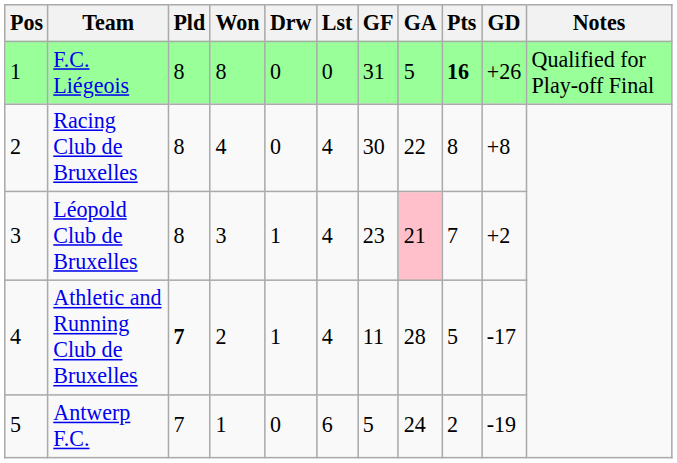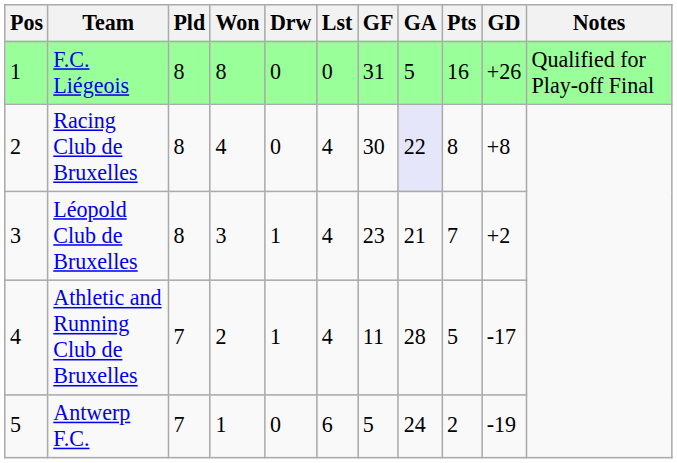 <table class="wikitable" width=70% style="font-size:90%">
 <tr>
 <th width=4%><strong>Pos</strong></th>
 <th width=26%><strong>Team</strong></th>
 <th width=4%><strong>Pld</strong></th>
 <th width=4%><strong>Won</strong></th>
 <th width=4%><strong>Drw</strong></th>
 <th width=4%><strong>Lst</strong></th>
 <th width=4%><strong>GF</strong></th>
 <th width=4%><strong>GA</strong></th>
 <th width=4%><strong>Pts</strong></th>
 <th width=4%><strong>GD</strong></th>
 <th width=38%><strong>Notes</strong></th>
 </tr>
 <tr style="background:#99ff99">
 <td>1</td>
 <td><a href='#'>F.C. Liégeois</a></td>
 <td>8</td>
 <td>8</td>
 <td>0</td>
 <td>0</td>
 <td>31</td>
 <td>5</td>
-<td><strong>16</strong></td>
+<td>16</td>
 <td>+26</td>
 <td>Qualified for Play-off Final</td>
 </tr>
 <tr>
 <td>2</td>
 <td><a href='#'>Racing Club de Bruxelles</a></td>
 <td>8</td>
 <td>4</td>
 <td>0</td>
 <td>4</td>
 <td>30</td>
-<td>22</td>
+<td style="background: lavender;">22</td>
 <td>8</td>
 <td>+8</td>
 </tr>
 <tr>
 <td>3</td>
 <td><a href='#'>Léopold Club de Bruxelles</a></td>
 <td>8</td>
 <td>3</td>
 <td>1</td>
 <td>4</td>
 <td>23</td>
-<td style="background: pink;">21</td>
+<td>21</td>
 <td>7</td>
 <td>+2</td>
 </tr>
 <tr>
 <td>4</td>
 <td><a href='#'>Athletic and Running Club de Bruxelles</a></td>
-<td><strong>7</strong></td>
+<td>7</td>
 <td>2</td>
 <td>1</td>
 <td>4</td>
 <td>11</td>
 <td>28</td>
 <td>5</td>
 <td>-17</td>
 </tr>
 <tr>
 <td>5</td>
 <td><a href='#'>Antwerp F.C.</a></td>
 <td>7</td>
 <td>1</td>
 <td>0</td>
 <td>6</td>
 <td>5</td>
 <td>24</td>
 <td>2</td>
 <td>-19</td>
 </tr>
 </table>
